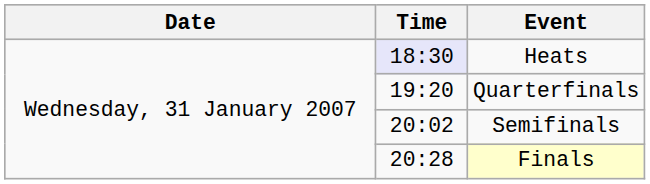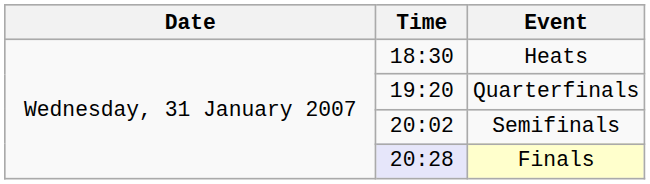 <table class = "wikitable" style="text-align:center;">
 <tr>
 <th width=220>Date</th>
 <th width=50>Time</th>
 <th width=100>Event</th>
 </tr>
 <tr>
 <td rowspan=4>Wednesday, 31 January 2007</td>
-<td style="background: lavender;">18:30</td>
+<td>18:30</td>
 <td>Heats</td>
 </tr>
 <tr>
 <td>19:20</td>
 <td>Quarterfinals</td>
 </tr>
 <tr>
 <td>20:02</td>
 <td>Semifinals</td>
 </tr>
 <tr>
-<td>20:28</td>
+<td style="background: lavender;">20:28</td>
 <td bgcolor=ffffcc>Finals</td>
 </tr>
 </table>
